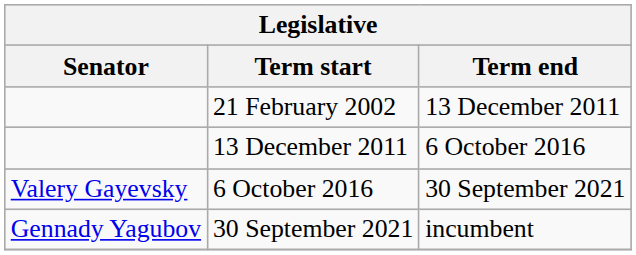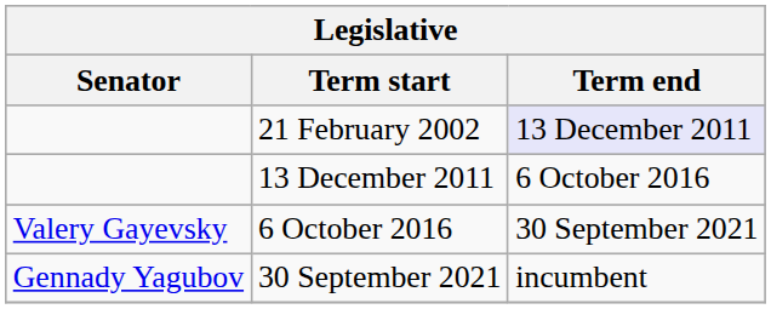 <table class="wikitable sortable">
 <tr>
 <th colspan=3>Legislative</th>
 </tr>
 <tr>
 <th>Senator</th>
 <th>Term start</th>
 <th>Term end</th>
 </tr>
 <tr>
 <td></td>
 <td>21 February 2002</td>
-<td>13 December 2011</td>
+<td style="background: lavender;">13 December 2011</td>
 </tr>
 <tr>
 <td></td>
 <td>13 December 2011</td>
 <td>6 October 2016</td>
 </tr>
 <tr>
 <td><a href='#'>Valery Gayevsky</a></td>
 <td>6 October 2016</td>
 <td>30 September 2021</td>
 </tr>
 <tr>
 <td><a href='#'>Gennady Yagubov</a></td>
 <td>30 September 2021</td>
 <td>incumbent</td>
 </tr>
 <tr>
 </tr>
 </table>
